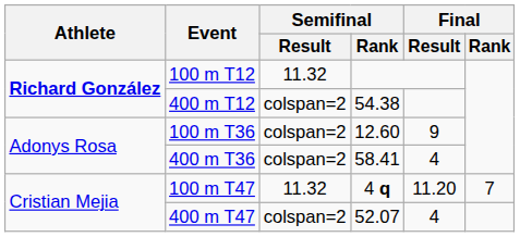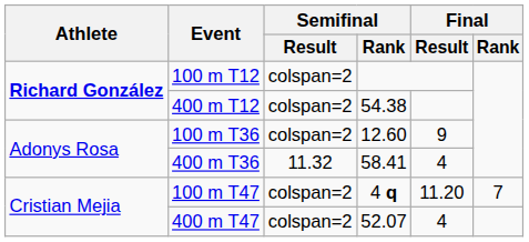 <table class="wikitable" style="font-size:90%">
 <tr>
 <th rowspan="2">Athlete</th>
 <th rowspan="2">Event</th>
 <th colspan="2">Semifinal</th>
 <th colspan="2">Final</th>
 </tr>
 <tr style="font-size:95%">
 <th>Result</th>
 <th>Rank</th>
 <th>Result</th>
 <th>Rank</th>
 </tr>
 <tr align=center>
 <td align=left rowspan=2><strong><a href='#'>Richard González</a></strong></td>
 <td align=left><a href='#'>100 m T12</a></td>
-<td>11.32</td>
+<td>colspan=2 </td>
 <td colspan=2></td>
 </tr>
 <tr align=center>
 <td align=left><a href='#'>400 m T12</a></td>
 <td>colspan=2 </td>
 <td>54.38</td>
 <td></td>
 </tr>
 <tr align=center>
 <td align=left rowspan=2><a href='#'>Adonys Rosa</a></td>
 <td align=left><a href='#'>100 m T36</a></td>
 <td>colspan=2 </td>
 <td>12.60</td>
 <td>9</td>
 </tr>
 <tr align=center>
 <td align=left><a href='#'>400 m T36</a></td>
-<td>colspan=2 </td>
+<td>11.32</td>
 <td>58.41</td>
 <td>4</td>
 </tr>
 <tr align=center>
 <td align=left rowspan=2><a href='#'>Cristian Mejia</a></td>
 <td align=left><a href='#'>100 m T47</a></td>
-<td>11.32</td>
+<td>colspan=2 </td>
 <td>4 <strong>q</strong></td>
 <td>11.20</td>
 <td>7</td>
 </tr>
 <tr align=center>
 <td align=left><a href='#'>400 m T47</a></td>
 <td>colspan=2 </td>
 <td>52.07</td>
 <td>4</td>
 </tr>
 </table>
